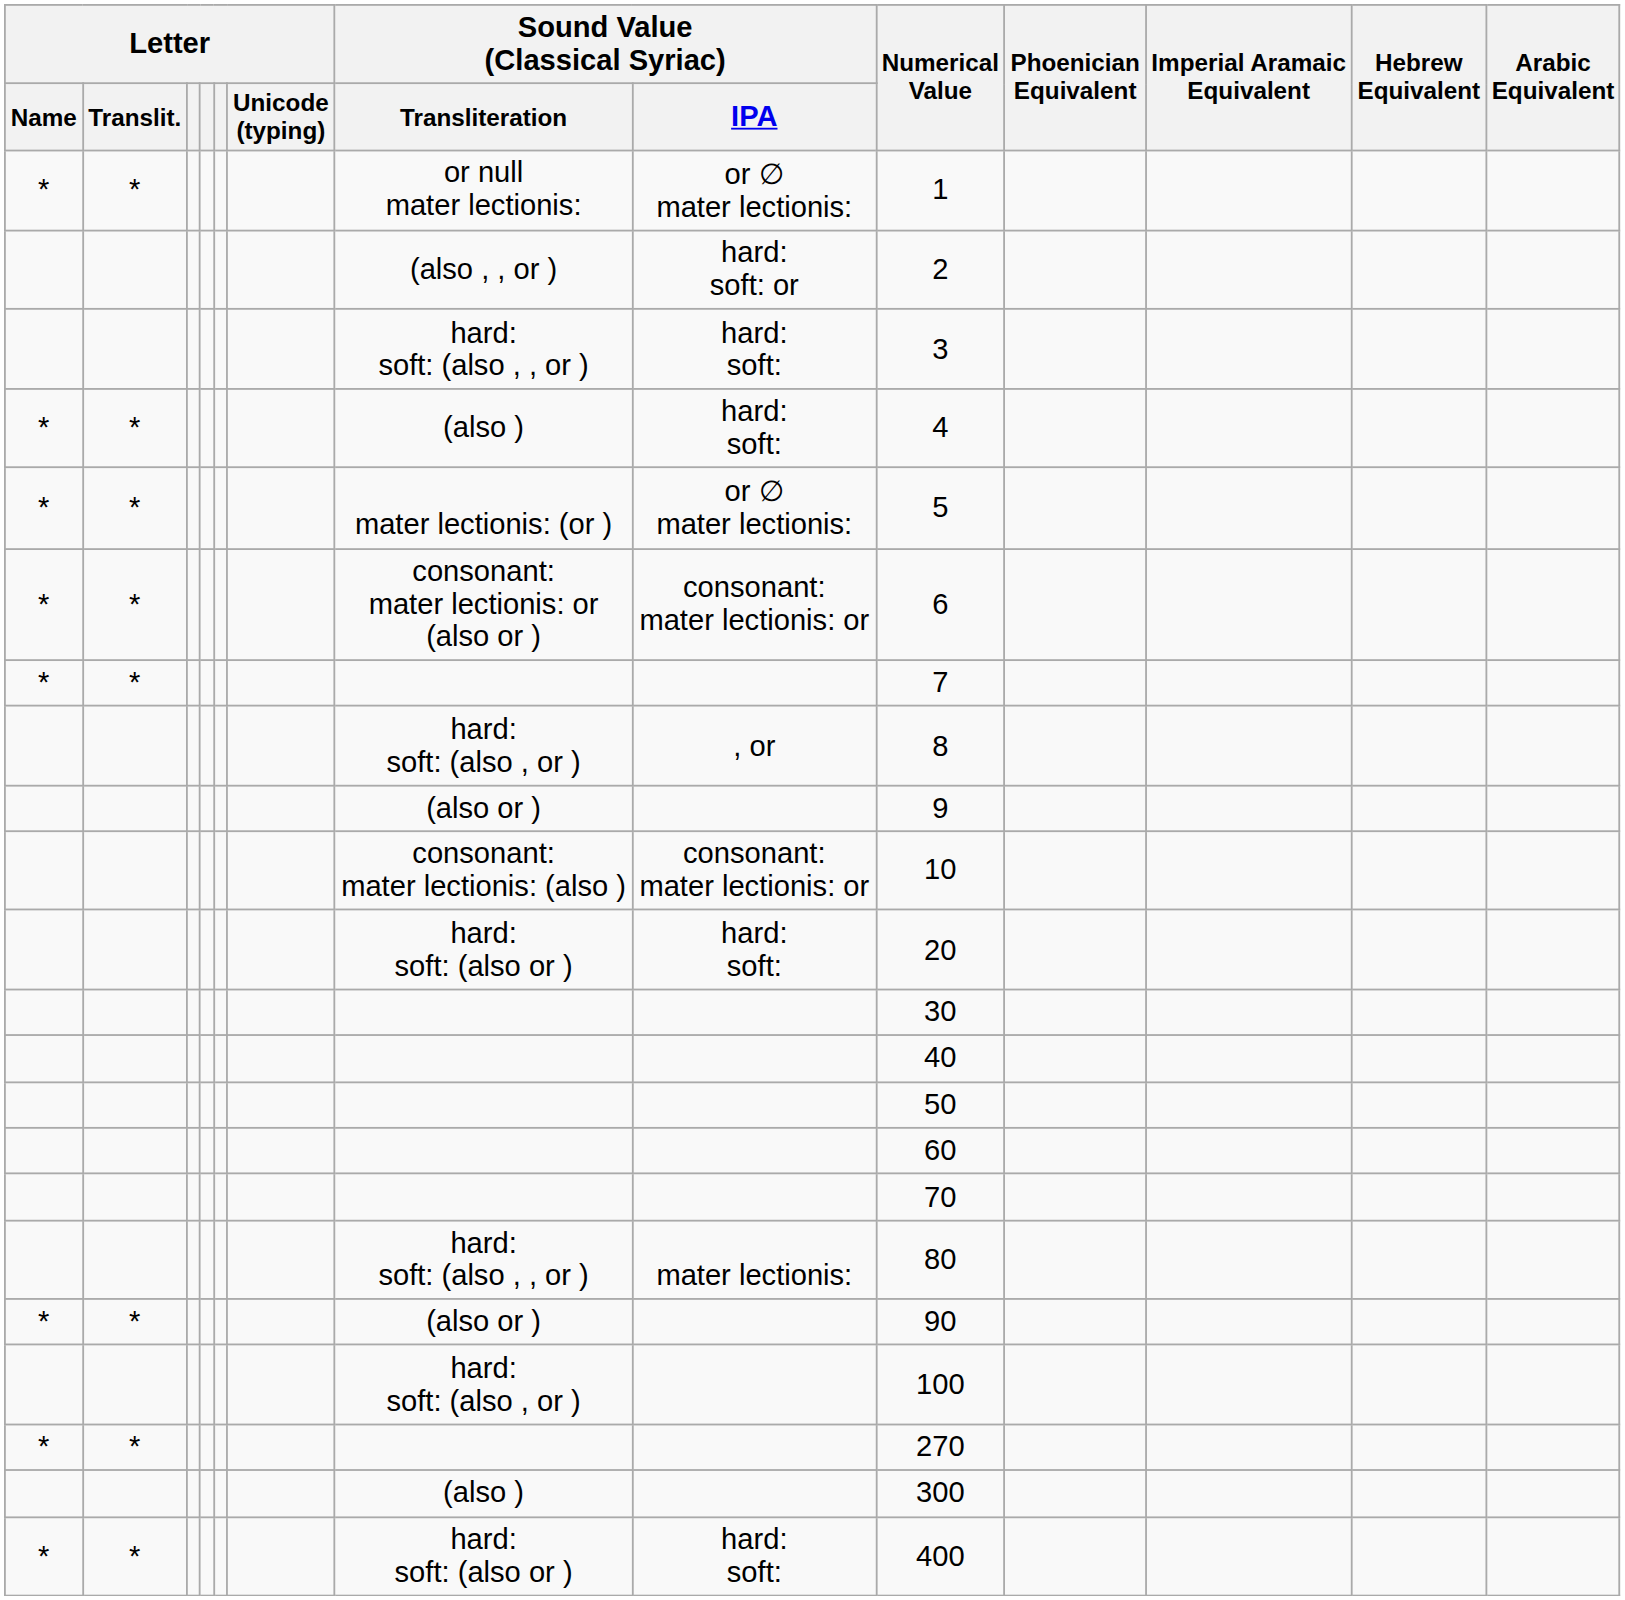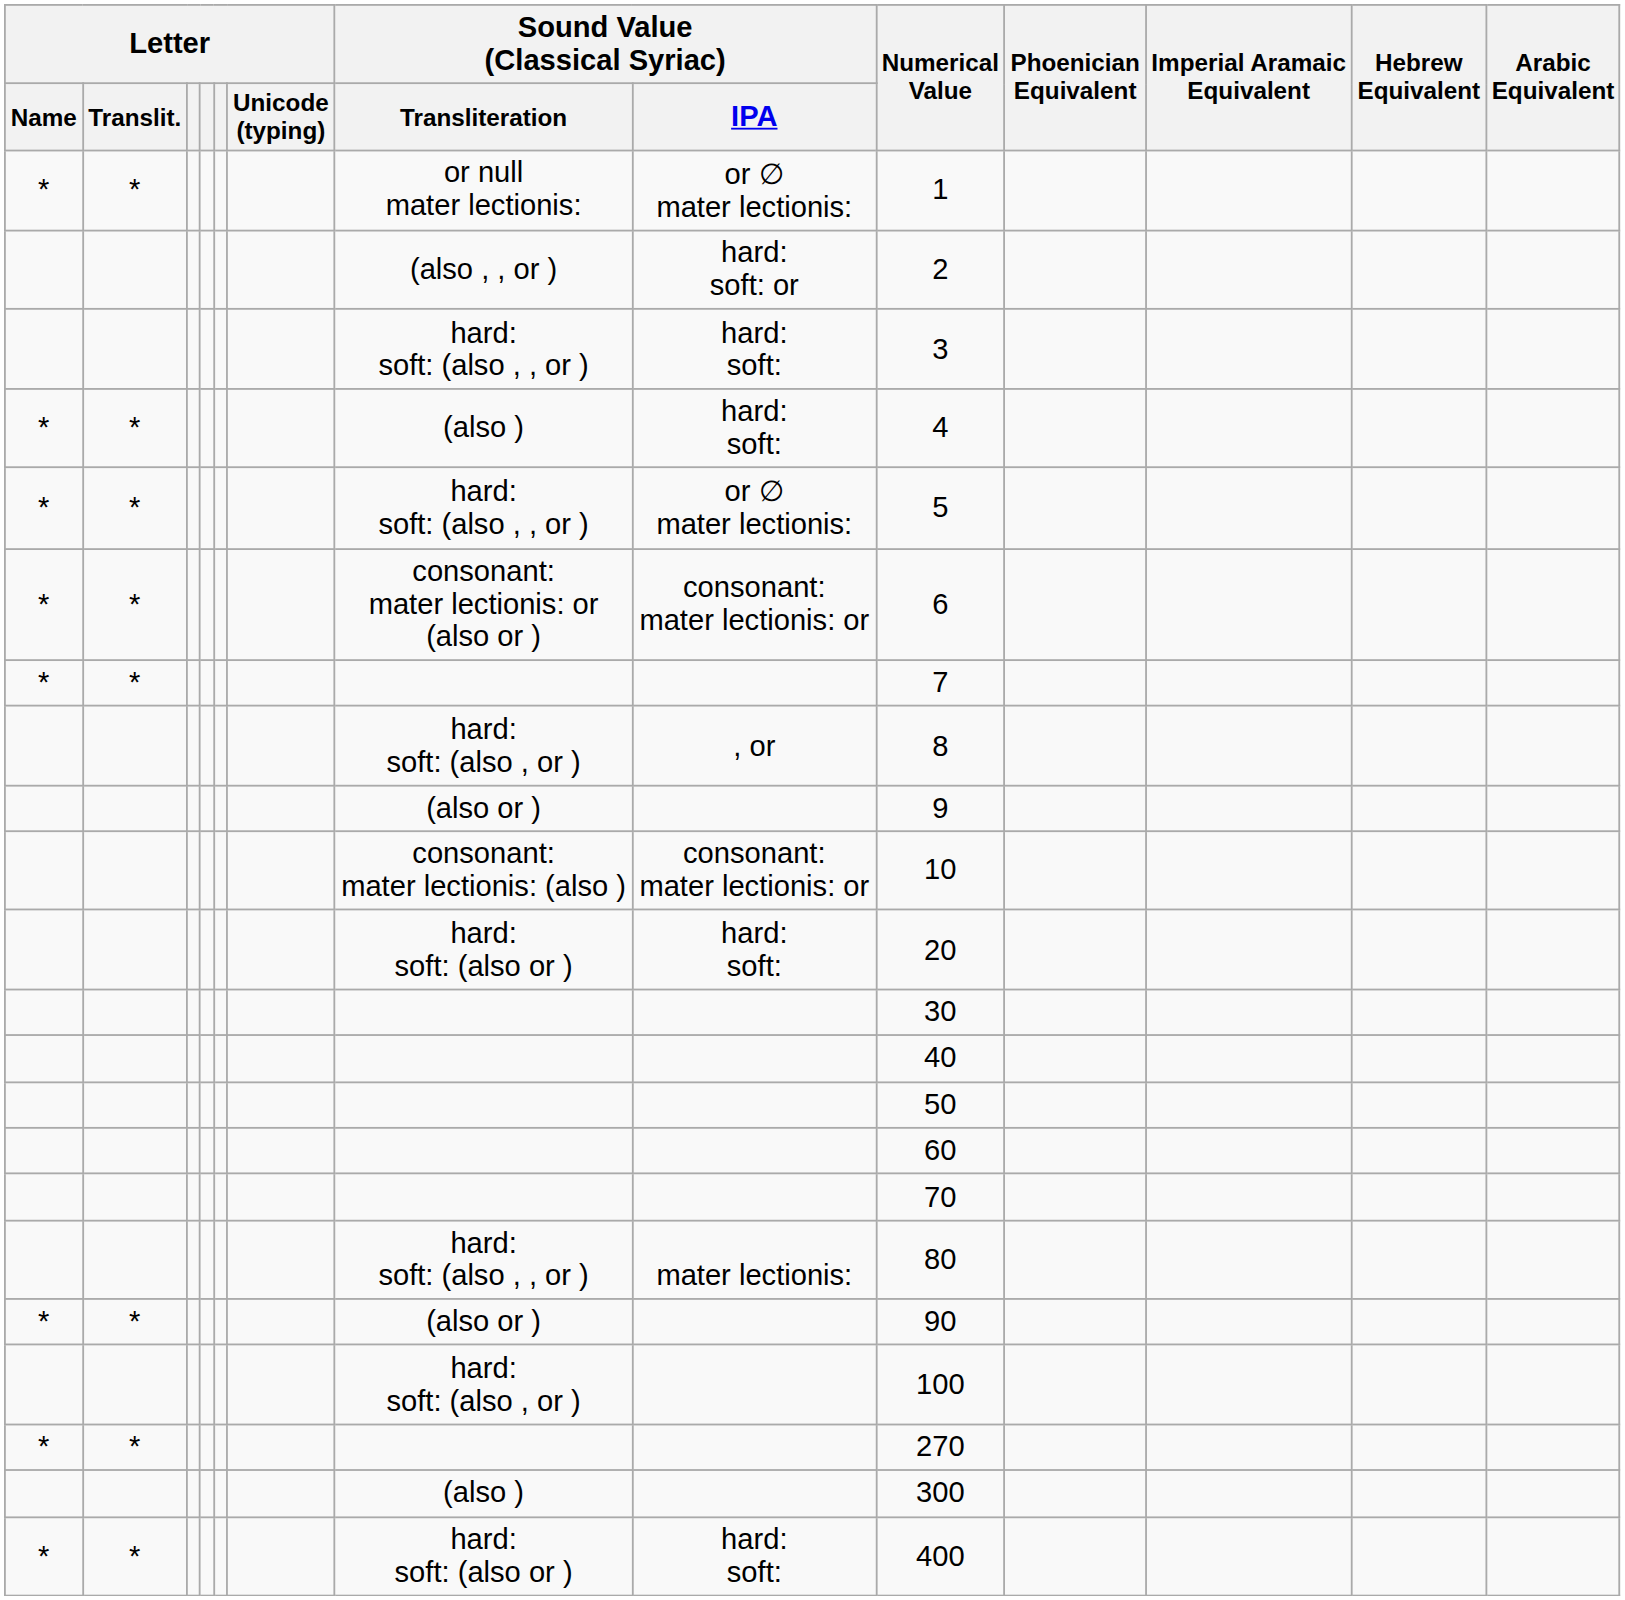 <table class="wikitable">
 <tr>
 <th colspan="6">Letter</th>
 <th colspan="2">Sound Value<br>(Classical Syriac)</th>
 <th rowspan="2" style="font-size: smaller;">Numerical<br>Value</th>
 <th rowspan="2" style="font-size: smaller;">Phoenician<br>Equivalent</th>
 <th rowspan="2" style="font-size: smaller;">Imperial Aramaic<br>Equivalent</th>
 <th rowspan="2" style="font-size: smaller;">Hebrew<br>Equivalent</th>
 <th rowspan="2" style="font-size: smaller;">Arabic<br>Equivalent</th>
 </tr>
 <tr>
 <th style="font-size: smaller;">Name</th>
 <th style="font-size: smaller;">Translit.</th>
 <th style="font-size: smaller;"></th>
 <th style="font-size: smaller;"></th>
 <th style="font-size: smaller;"></th>
 <th style="font-size: smaller;"><strong>Unicode</strong><br>(typing)</th>
 <th style="font-size: smaller;">Transliteration</th>
 <th><a href='#'>IPA</a></th>
 </tr>
 <tr style="text-align:center;">
 <td>*</td>
 <td>*</td>
 <td></td>
 <td></td>
 <td></td>
 <td></td>
 <td><em></em> or null <br>mater lectionis: <em></em></td>
 <td> or ∅ <br>mater lectionis: </td>
 <td>1</td>
 <td></td>
 <td></td>
 <td></td>
 <td></td>
 </tr>
 <tr style="text-align:center;">
 <td></td>
 <td></td>
 <td></td>
 <td></td>
 <td></td>
 <td></td>
 <td><em></em> (also <em></em>, <em></em>, <em></em> or <em></em>)</td>
 <td>hard: <br>soft:  or </td>
 <td>2</td>
 <td></td>
 <td></td>
 <td></td>
 <td></td>
 </tr>
 <tr style="text-align:center;">
 <td></td>
 <td></td>
 <td></td>
 <td></td>
 <td></td>
 <td></td>
 <td>hard: <em></em><br>soft: <em></em> (also <em></em>, <em></em>, <em></em> or <em></em>)</td>
 <td>hard: <br>soft: </td>
 <td>3</td>
 <td></td>
 <td></td>
 <td></td>
 <td></td>
 </tr>
 <tr style="text-align:center;">
 <td>*</td>
 <td>*</td>
 <td></td>
 <td></td>
 <td></td>
 <td></td>
 <td><em></em> (also <em></em>)</td>
 <td>hard: <br>soft: </td>
 <td>4</td>
 <td></td>
 <td></td>
 <td></td>
 <td></td>
 </tr>
 <tr style="text-align:center;">
 <td>*</td>
 <td>*</td>
 <td></td>
 <td></td>
 <td></td>
 <td></td>
-<td><em></em><br>mater lectionis: <em></em> (or <em></em>)</td>
+<td>hard: <em></em><br>soft: <em></em> (also <em></em>, <em></em>, <em></em> or <em></em>)</td>
 <td> or ∅ <br>mater lectionis: </td>
 <td>5</td>
 <td></td>
 <td></td>
 <td></td>
 <td></td>
 </tr>
 <tr style="text-align:center;">
 <td>*</td>
 <td>*</td>
 <td></td>
 <td></td>
 <td></td>
 <td></td>
 <td>consonant: <em></em><br>mater lectionis: <em></em> or <em></em><br>(also <em></em> or <em></em>)</td>
 <td>consonant: <br>mater lectionis:  or </td>
 <td>6</td>
 <td></td>
 <td></td>
 <td></td>
 <td></td>
 </tr>
 <tr style="text-align:center;">
 <td>*</td>
 <td>*</td>
 <td></td>
 <td></td>
 <td></td>
 <td></td>
 <td><em></em></td>
 <td></td>
 <td>7</td>
 <td></td>
 <td></td>
 <td></td>
 <td></td>
 </tr>
 <tr style="text-align:center;">
 <td></td>
 <td></td>
 <td></td>
 <td></td>
 <td></td>
 <td></td>
 <td>hard: <em></em><br>soft: <em></em> (also <em></em>, <em></em> or <em></em>)</td>
 <td>,  or </td>
 <td>8</td>
 <td></td>
 <td></td>
 <td></td>
 <td></td>
 </tr>
 <tr style="text-align:center;">
 <td></td>
 <td></td>
 <td></td>
 <td></td>
 <td></td>
 <td></td>
 <td><em></em> (also <em></em> or <em></em>)</td>
 <td></td>
 <td>9</td>
 <td></td>
 <td></td>
 <td></td>
 <td></td>
 </tr>
 <tr style="text-align:center;">
 <td></td>
 <td></td>
 <td></td>
 <td></td>
 <td></td>
 <td></td>
 <td>consonant: <em></em><br>mater lectionis: <em></em> (also <em></em>)</td>
 <td>consonant: <br>mater lectionis:  or </td>
 <td>10</td>
 <td></td>
 <td></td>
 <td></td>
 <td></td>
 </tr>
 <tr style="text-align:center;">
 <td></td>
 <td></td>
 <td></td>
 <td></td>
 <td></td>
 <td></td>
 <td>hard: <em></em><br>soft: <em></em> (also <em></em> or <em></em>)</td>
 <td>hard: <br>soft: </td>
 <td>20</td>
 <td></td>
 <td></td>
 <td></td>
 <td></td>
 </tr>
 <tr style="text-align:center;">
 <td></td>
 <td></td>
 <td></td>
 <td></td>
 <td></td>
 <td></td>
 <td><em></em></td>
 <td></td>
 <td>30</td>
 <td></td>
 <td></td>
 <td></td>
 <td></td>
 </tr>
 <tr style="text-align:center;">
 <td></td>
 <td></td>
 <td></td>
 <td></td>
 <td></td>
 <td></td>
 <td><em></em></td>
 <td></td>
 <td>40</td>
 <td></td>
 <td></td>
 <td></td>
 <td></td>
 </tr>
 <tr style="text-align:center;">
 <td></td>
 <td></td>
 <td></td>
 <td></td>
 <td></td>
 <td></td>
 <td><em></em></td>
 <td></td>
 <td>50</td>
 <td></td>
 <td></td>
 <td></td>
 <td></td>
 </tr>
 <tr style="text-align:center;">
 <td></td>
 <td></td>
 <td></td>
 <td></td>
 <td></td>
 <td></td>
 <td><em></em></td>
 <td></td>
 <td>60</td>
 <td></td>
 <td></td>
 <td></td>
 <td></td>
 </tr>
 <tr style="text-align:center;">
 <td></td>
 <td></td>
 <td></td>
 <td></td>
 <td></td>
 <td></td>
 <td><em></em></td>
 <td></td>
 <td>70</td>
 <td></td>
 <td></td>
 <td></td>
 <td></td>
 </tr>
 <tr style="text-align:center;">
 <td></td>
 <td></td>
 <td></td>
 <td></td>
 <td></td>
 <td></td>
 <td>hard: <em></em><br>soft: <em></em> (also <em></em>, <em></em>, <em></em> or <em></em>)</td>
 <td> <br>mater lectionis: </td>
 <td>80</td>
 <td></td>
 <td></td>
 <td></td>
 <td></td>
 </tr>
 <tr style="text-align:center;">
 <td>*</td>
 <td>*</td>
 <td></td>
 <td></td>
 <td></td>
 <td></td>
 <td><em></em> (also <em></em> or <em></em>)</td>
 <td></td>
 <td>90</td>
 <td></td>
 <td></td>
 <td></td>
 <td></td>
 </tr>
 <tr style="text-align:center;">
 <td></td>
 <td></td>
 <td></td>
 <td></td>
 <td></td>
 <td></td>
 <td>hard: <em></em><br>soft: <em></em> (also <em></em>, <em></em> or <em></em>)</td>
 <td></td>
 <td>100</td>
 <td></td>
 <td></td>
 <td></td>
 <td></td>
 </tr>
 <tr style="text-align:center;">
 <td>*</td>
 <td>*</td>
 <td></td>
 <td></td>
 <td></td>
 <td></td>
 <td><em></em></td>
 <td></td>
 <td>270</td>
 <td></td>
 <td></td>
 <td></td>
 <td></td>
 </tr>
 <tr style="text-align:center;">
 <td></td>
 <td></td>
 <td></td>
 <td></td>
 <td></td>
 <td></td>
 <td><em></em> (also <em></em>)</td>
 <td></td>
 <td>300</td>
 <td></td>
 <td></td>
 <td></td>
 <td></td>
 </tr>
 <tr style="text-align:center;">
 <td>*</td>
 <td>*</td>
 <td></td>
 <td></td>
 <td></td>
 <td></td>
 <td>hard: <em></em><br>soft: <em></em> (also <em></em> or <em></em>)</td>
 <td>hard: <br>soft: </td>
 <td>400</td>
 <td></td>
 <td></td>
 <td></td>
 <td></td>
 </tr>
 </table>
